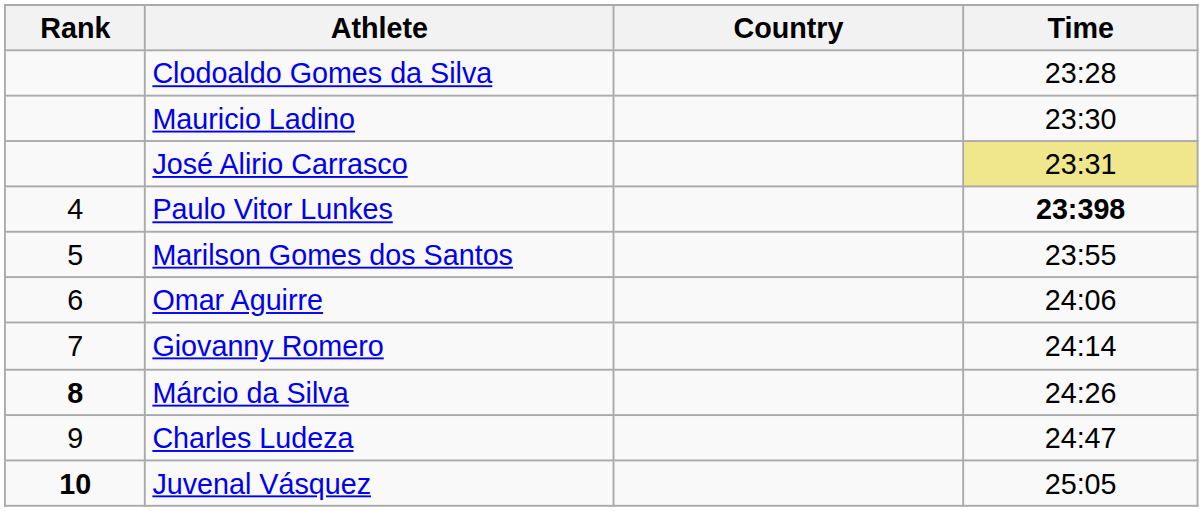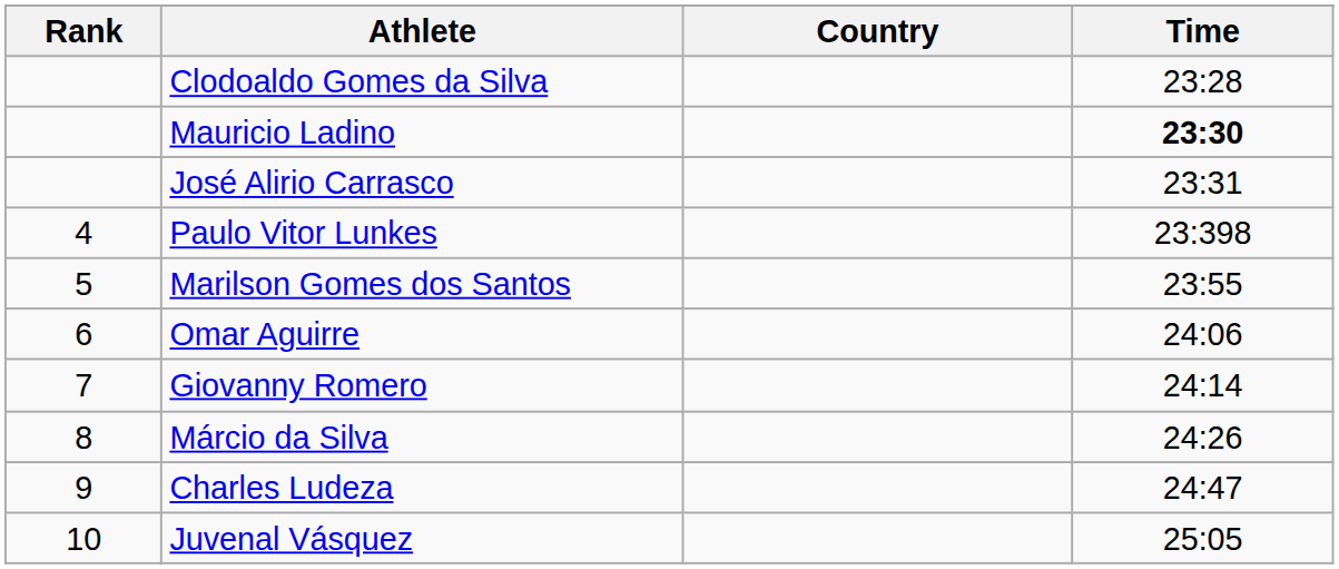 <table class="wikitable sortable" style=" text-align:center; font-size:95%;" width="50%">
 <tr>
 </tr>
 <tr>
 <th width=5%>Rank</th>
 <th width=20%>Athlete</th>
 <th width=15%>Country</th>
 <th width=10%>Time</th>
 </tr>
 <tr>
 <td align=center></td>
 <td align=left><a href='#'>Clodoaldo Gomes da Silva</a></td>
 <td align=left></td>
 <td>23:28</td>
 </tr>
 <tr>
 <td align=center></td>
 <td align=left><a href='#'>Mauricio Ladino</a></td>
 <td align=left></td>
-<td>23:30</td>
+<td><strong>23:30</strong></td>
 </tr>
 <tr>
 <td align=center></td>
 <td align=left><a href='#'>José Alirio Carrasco</a></td>
 <td align=left></td>
-<td style="background: khaki;">23:31</td>
+<td>23:31</td>
 </tr>
 <tr>
 <td align=center>4</td>
 <td align=left><a href='#'>Paulo Vitor Lunkes</a></td>
 <td align=left></td>
-<td><strong>23:398</strong></td>
+<td>23:398</td>
 </tr>
 <tr>
 <td align=center>5</td>
 <td align=left><a href='#'>Marilson Gomes dos Santos</a></td>
 <td align=left></td>
 <td>23:55</td>
 </tr>
 <tr>
 <td align=center>6</td>
 <td align=left><a href='#'>Omar Aguirre</a></td>
 <td align=left></td>
 <td>24:06</td>
 </tr>
 <tr>
 <td align=center>7</td>
 <td align=left><a href='#'>Giovanny Romero</a></td>
 <td align=left></td>
 <td>24:14</td>
 </tr>
 <tr>
-<td align=center><strong>8</strong></td>
+<td align=center>8</td>
 <td align=left><a href='#'>Márcio da Silva</a></td>
 <td align=left></td>
 <td>24:26</td>
 </tr>
 <tr>
 <td align=center>9</td>
 <td align=left><a href='#'>Charles Ludeza</a></td>
 <td align=left></td>
 <td>24:47</td>
 </tr>
 <tr>
-<td align=center><strong>10</strong></td>
+<td align=center>10</td>
 <td align=left><a href='#'>Juvenal Vásquez</a></td>
 <td align=left></td>
 <td>25:05</td>
 </tr>
 </table>
